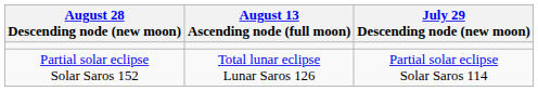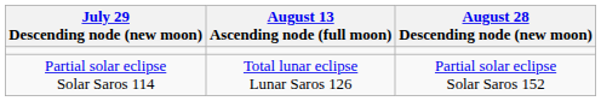 <table class="wikitable">
 <tr>
+<th><a href='#'>July 29</a><br>Descending node (new moon)<br></th>
+<th><a href='#'>August 13</a><br>Ascending node (full moon)<br></th>
 <th><a href='#'>August 28</a><br>Descending node (new moon)<br></th>
-<th><a href='#'>August 13</a><br>Ascending node (full moon)<br></th>
-<th><a href='#'>July 29</a><br>Descending node (new moon)<br></th>
 </tr>
 <tr>
 <td></td>
 <td></td>
 <td></td>
 </tr>
 <tr align=center>
+<td><a href='#'>Partial solar eclipse</a><br>Solar Saros 114</td>
+<td><a href='#'>Total lunar eclipse</a><br>Lunar Saros 126</td>
 <td><a href='#'>Partial solar eclipse</a><br>Solar Saros 152</td>
-<td><a href='#'>Total lunar eclipse</a><br>Lunar Saros 126</td>
-<td><a href='#'>Partial solar eclipse</a><br>Solar Saros 114</td>
 </tr>
 </table>
